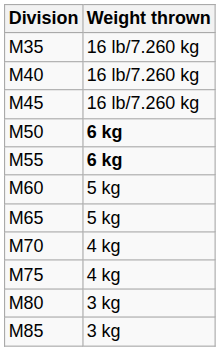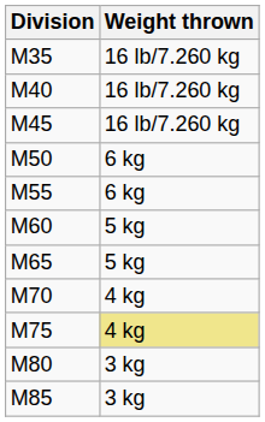 <table class="wikitable">
 <tr>
 <th>Division</th>
 <th>Weight thrown</th>
 </tr>
 <tr>
 <td>M35</td>
 <td>16 lb/7.260 kg</td>
 </tr>
 <tr>
 <td>M40</td>
 <td>16 lb/7.260 kg</td>
 </tr>
 <tr>
 <td>M45</td>
 <td>16 lb/7.260 kg</td>
 </tr>
 <tr>
 <td>M50</td>
-<td><strong>6 kg</strong></td>
+<td>6 kg</td>
 </tr>
 <tr>
 <td>M55</td>
-<td><strong>6 kg</strong></td>
+<td>6 kg</td>
 </tr>
 <tr>
 <td>M60</td>
 <td>5 kg</td>
 </tr>
 <tr>
 <td>M65</td>
 <td>5 kg</td>
 </tr>
 <tr>
 <td>M70</td>
 <td>4 kg</td>
 </tr>
 <tr>
 <td>M75</td>
-<td>4 kg</td>
+<td style="background: khaki;">4 kg</td>
 </tr>
 <tr>
 <td>M80</td>
 <td>3 kg</td>
 </tr>
 <tr>
 <td>M85</td>
 <td>3 kg</td>
 </tr>
 </table>
